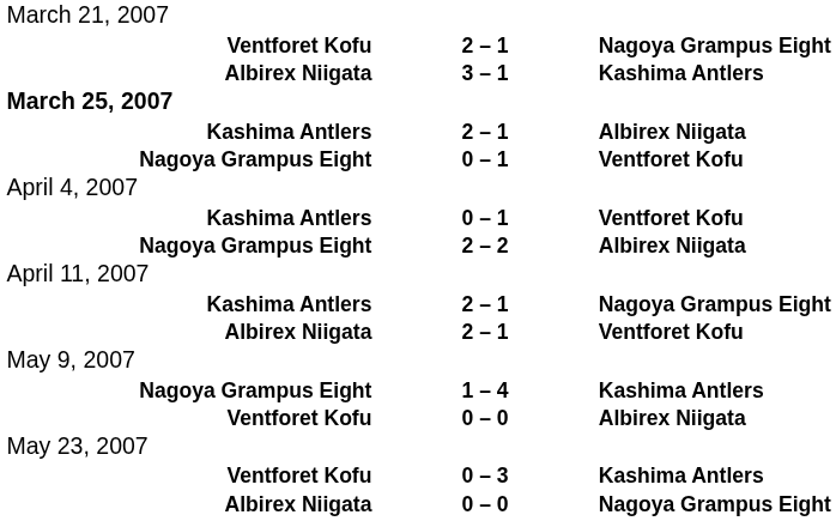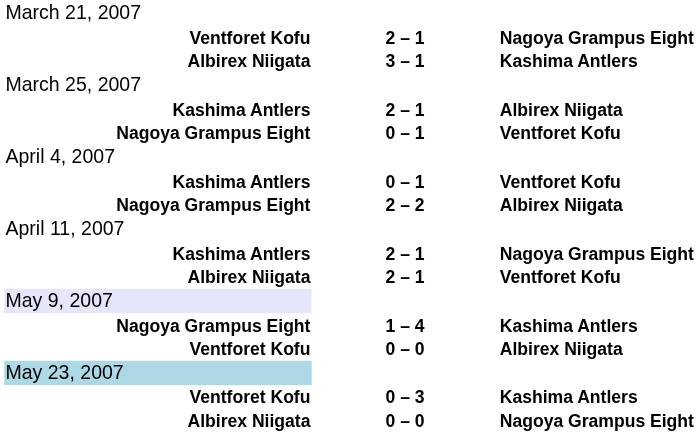 <table style="width:100%;" cellspacing="1">
 <tr>
 <th width=20%></th>
 <th width=12%></th>
 <th></th>
 </tr>
 <tr>
 <td>March 21, 2007</td>
 </tr>
 <tr style=font-size:90%>
 <td align=right><strong>Ventforet Kofu</strong></td>
 <td align=center><strong>2 – 1</strong></td>
 <td><strong>Nagoya Grampus Eight</strong></td>
 </tr>
 <tr style=font-size:90%>
 <td align=right><strong>Albirex Niigata</strong></td>
 <td align=center><strong>3 – 1</strong></td>
 <td><strong>Kashima Antlers</strong></td>
 </tr>
 <tr>
-<td><strong>March 25, 2007</strong></td>
+<td>March 25, 2007</td>
 </tr>
 <tr style=font-size:90%>
 <td align=right><strong>Kashima Antlers</strong></td>
 <td align=center><strong>2 – 1</strong></td>
 <td><strong>Albirex Niigata</strong></td>
 </tr>
 <tr style=font-size:90%>
 <td align=right><strong>Nagoya Grampus Eight</strong></td>
 <td align=center><strong>0 – 1</strong></td>
 <td><strong>Ventforet Kofu</strong></td>
 </tr>
 <tr>
 <td>April 4, 2007</td>
 </tr>
 <tr style=font-size:90%>
 <td align=right><strong>Kashima Antlers</strong></td>
 <td align=center><strong>0 – 1</strong></td>
 <td><strong>Ventforet Kofu</strong></td>
 </tr>
 <tr style=font-size:90%>
 <td align=right><strong>Nagoya Grampus Eight</strong></td>
 <td align=center><strong>2 – 2</strong></td>
 <td><strong>Albirex Niigata</strong></td>
 </tr>
 <tr>
 <td>April 11, 2007</td>
 </tr>
 <tr style=font-size:90%>
 <td align=right><strong>Kashima Antlers</strong></td>
 <td align=center><strong>2 – 1</strong></td>
 <td><strong>Nagoya Grampus Eight</strong></td>
 </tr>
 <tr style=font-size:90%>
 <td align=right><strong>Albirex Niigata</strong></td>
 <td align=center><strong>2 – 1</strong></td>
 <td><strong>Ventforet Kofu</strong></td>
 </tr>
 <tr>
-<td>May 9, 2007</td>
+<td style="background: lavender;">May 9, 2007</td>
 </tr>
 <tr style=font-size:90%>
 <td align=right><strong>Nagoya Grampus Eight</strong></td>
 <td align=center><strong>1 – 4</strong></td>
 <td><strong>Kashima Antlers</strong></td>
 </tr>
 <tr style=font-size:90%>
 <td align=right><strong>Ventforet Kofu</strong></td>
 <td align=center><strong>0 – 0</strong></td>
 <td><strong>Albirex Niigata</strong></td>
 </tr>
 <tr>
-<td>May 23, 2007</td>
+<td style="background: lightblue;">May 23, 2007</td>
 </tr>
 <tr style=font-size:90%>
 <td align=right><strong>Ventforet Kofu</strong></td>
 <td align=center><strong>0 – 3</strong></td>
 <td><strong>Kashima Antlers</strong></td>
 </tr>
 <tr style=font-size:90%>
 <td align=right><strong>Albirex Niigata</strong></td>
 <td align=center><strong>0 – 0</strong></td>
 <td><strong>Nagoya Grampus Eight</strong></td>
 </tr>
 </table>
